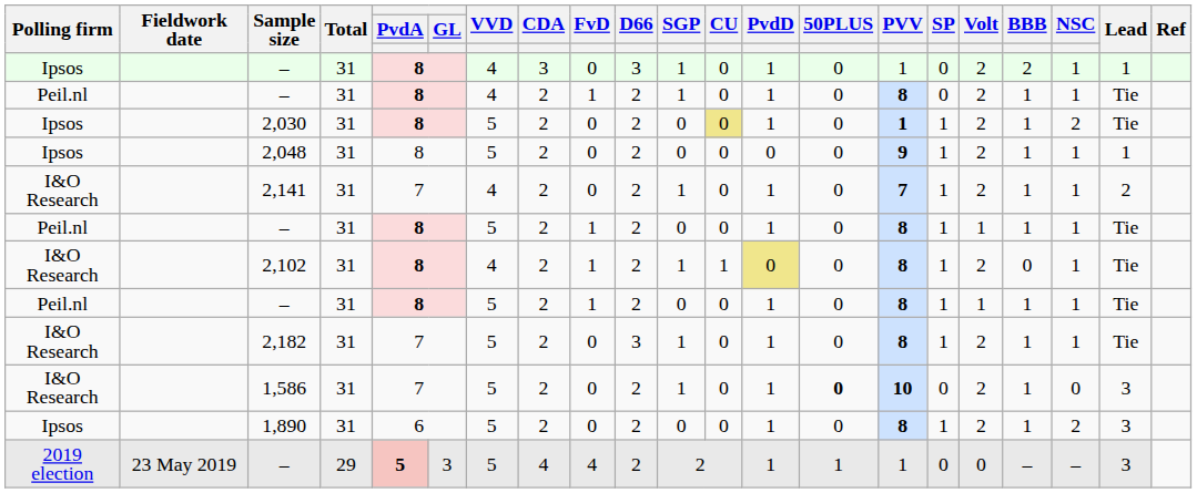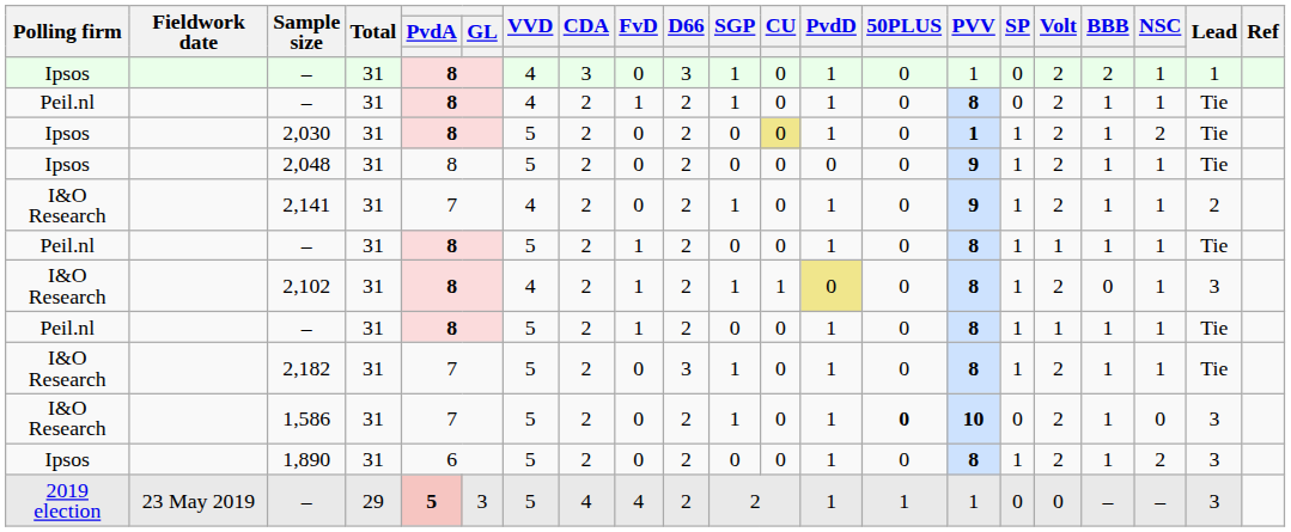 <table class="wikitable sortable mw-datatable" style="text-align:center;font-size:90%;line-height:14px;">
 <tr>
 <th rowspan="3">Polling firm</th>
 <th class="unsortable" rowspan="3">Fieldwork date</th>
 <th class="unsortable" rowspan="3">Sample<br>size</th>
 <th class="unsortable" rowspan="3">Total</th>
 <th class="unsortable" colspan="2"></th>
 <th rowspan="2"class="unsortable"><a href='#'>VVD</a><br></th>
 <th rowspan="2" class="unsortable"><a href='#'>CDA</a><br></th>
 <th rowspan="2" class="unsortable"><a href='#'>FvD</a><br></th>
 <th rowspan="2" class="unsortable"><a href='#'>D66</a><br></th>
 <th rowspan="2" class="unsortable"><a href='#'>SGP</a><br></th>
 <th rowspan="2" class="unsortable"><a href='#'>CU</a><br></th>
 <th rowspan="2" class="unsortable"><a href='#'>PvdD</a><br></th>
 <th rowspan="2" class="unsortable"><a href='#'><span>50PLUS</span></a><br></th>
 <th rowspan="2" class="unsortable"><a href='#'>PVV</a><br></th>
 <th rowspan="2" class="unsortable"><a href='#'>SP</a><br></th>
 <th rowspan="2" class="unsortable"><a href='#'>Volt</a><br></th>
 <th rowspan="2" class="unsortable"><a href='#'>BBB</a><br></th>
 <th rowspan="2" class="unsortable"><a href='#'>NSC</a><br></th>
 <th rowspan="3" class="unsortable">Lead</th>
 <th rowspan="3" class="unsortable">Ref</th>
 </tr>
 <tr>
 <th class="unsortable"><a href='#'>PvdA</a><br></th>
 <th class="unsortable"><a href='#'>GL</a><br></th>
 </tr>
 <tr>
 <th data-sort-type="number" style="background:"></th>
 <th data-sort-type="number" style="background:"></th>
 <th data-sort-type="number" style="background:"></th>
 <th data-sort-type="number" style="background:"></th>
 <th data-sort-type="number" style="background:"></th>
 <th data-sort-type="number" style="background:"></th>
 <th data-sort-type="number" style="background:"></th>
 <th data-sort-type="number" style="background:"></th>
 <th data-sort-type="number" style="background:"></th>
 <th data-sort-type="number" style="background:"></th>
 <th data-sort-type="number" style="background:"></th>
 <th data-sort-type="number" style="background:"></th>
 <th data-sort-type="number" style="background:"></th>
 <th data-sort-type="number" style="background:"></th>
 <th data-sort-type="number" style="background:"></th>
 </tr>
 <tr style="background:#EAFFEA;">
 <td>Ipsos</td>
 <td></td>
 <td>–</td>
 <td>31</td>
 <td colspan="2" style="background:#fbdbdc;"><strong>8</strong></td>
 <td>4</td>
 <td>3</td>
 <td>0</td>
 <td>3</td>
 <td>1</td>
 <td>0</td>
 <td>1</td>
 <td>0</td>
 <td>1</td>
 <td>0</td>
 <td>2</td>
 <td>2</td>
 <td>1</td>
 <td style="background:">1</td>
 <td></td>
 </tr>
 <tr>
 <td>Peil.nl</td>
 <td></td>
 <td>–</td>
 <td>31</td>
 <td colspan="2" style="background:#fbdbdc;"><strong>8</strong></td>
 <td>4</td>
 <td>2</td>
 <td>1</td>
 <td>2</td>
 <td>1</td>
 <td>0</td>
 <td>1</td>
 <td>0</td>
 <td style="background:#CDE2FE;"><strong>8</strong></td>
 <td>0</td>
 <td>2</td>
 <td>1</td>
 <td>1</td>
 <td>Tie</td>
 <td></td>
 </tr>
 <tr>
 <td>Ipsos</td>
 <td></td>
 <td>2,030</td>
 <td>31</td>
 <td colspan="2" style="background:#fbdbdc;"><strong>8</strong></td>
 <td>5</td>
 <td>2</td>
 <td>0</td>
 <td>2</td>
 <td>0</td>
 <td style="background: khaki;">0</td>
 <td>1</td>
 <td>0</td>
 <td style="background:#CDE2FE;"><strong>1</strong></td>
 <td>1</td>
 <td>2</td>
 <td>1</td>
 <td>2</td>
 <td>Tie</td>
 <td></td>
 </tr>
 <tr>
 <td>Ipsos</td>
 <td></td>
 <td>2,048</td>
 <td>31</td>
 <td colspan=2>8</td>
 <td>5</td>
 <td>2</td>
 <td>0</td>
 <td>2</td>
 <td>0</td>
 <td>0</td>
 <td>0</td>
 <td>0</td>
 <td style="background:#CDE2FE;"><strong>9</strong></td>
 <td>1</td>
 <td>2</td>
 <td>1</td>
 <td>1</td>
-<td style="background:">1</td>
+<td>Tie</td>
 <td></td>
 </tr>
 <tr>
 <td>I&O Research</td>
 <td></td>
 <td>2,141</td>
 <td>31</td>
 <td colspan="2">7</td>
 <td>4</td>
 <td>2</td>
 <td>0</td>
 <td>2</td>
 <td>1</td>
 <td>0</td>
 <td>1</td>
 <td>0</td>
-<td style="background:#CDE2FE;"><strong>7</strong></td>
+<td style="background:#CDE2FE;"><strong>9</strong></td>
 <td>1</td>
 <td>2</td>
 <td>1</td>
 <td>1</td>
 <td style="background:">2</td>
 <td></td>
 </tr>
 <tr>
 <td>Peil.nl</td>
 <td></td>
 <td>–</td>
 <td>31</td>
 <td colspan="2" style="background:#fbdbdc;"><strong>8</strong></td>
 <td>5</td>
 <td>2</td>
 <td>1</td>
 <td>2</td>
 <td>0</td>
 <td>0</td>
 <td>1</td>
 <td>0</td>
 <td style="background:#CDE2FE;"><strong>8</strong></td>
 <td>1</td>
 <td>1</td>
 <td>1</td>
 <td>1</td>
 <td>Tie</td>
 <td></td>
 </tr>
 <tr>
 <td>I&O Research</td>
 <td></td>
 <td>2,102</td>
 <td>31</td>
 <td colspan="2" style="background:#fbdbdc;"><strong>8</strong></td>
 <td>4</td>
 <td>2</td>
 <td>1</td>
 <td>2</td>
 <td>1</td>
 <td>1</td>
 <td style="background: khaki;">0</td>
 <td>0</td>
 <td style="background:#CDE2FE;"><strong>8</strong></td>
 <td>1</td>
 <td>2</td>
 <td>0</td>
 <td>1</td>
-<td>Tie</td>
+<td style="background:">3</td>
 <td></td>
 </tr>
 <tr>
 <td>Peil.nl</td>
 <td></td>
 <td>–</td>
 <td>31</td>
 <td colspan="2" style="background:#fbdbdc;"><strong>8</strong></td>
 <td>5</td>
 <td>2</td>
 <td>1</td>
 <td>2</td>
 <td>0</td>
 <td>0</td>
 <td>1</td>
 <td>0</td>
 <td style="background:#CDE2FE;"><strong>8</strong></td>
 <td>1</td>
 <td>1</td>
 <td>1</td>
 <td>1</td>
 <td>Tie</td>
 <td></td>
 </tr>
 <tr>
 <td>I&O Research</td>
 <td></td>
 <td>2,182</td>
 <td>31</td>
 <td colspan=2>7</td>
 <td>5</td>
 <td>2</td>
 <td>0</td>
 <td>3</td>
 <td>1</td>
 <td>0</td>
 <td>1</td>
 <td>0</td>
 <td style="background:#CDE2FE;"><strong>8</strong></td>
 <td>1</td>
 <td>2</td>
 <td>1</td>
 <td>1</td>
 <td>Tie</td>
 <td></td>
 </tr>
 <tr>
 <td>I&O Research</td>
 <td></td>
 <td>1,586</td>
 <td>31</td>
 <td colspan=2>7</td>
 <td>5</td>
 <td>2</td>
 <td>0</td>
 <td>2</td>
 <td>1</td>
 <td>0</td>
 <td>1</td>
 <td><strong>0</strong></td>
 <td style="background:#CDE2FE;"><strong>10</strong></td>
 <td>0</td>
 <td>2</td>
 <td>1</td>
 <td>0</td>
 <td style="background:">3</td>
 <td></td>
 </tr>
 <tr>
 <td>Ipsos</td>
 <td></td>
 <td>1,890</td>
 <td>31</td>
 <td colspan=2>6</td>
 <td>5</td>
 <td>2</td>
 <td>0</td>
 <td>2</td>
 <td>0</td>
 <td>0</td>
 <td>1</td>
 <td>0</td>
 <td style="background:#CDE2FE;"><strong>8</strong></td>
 <td>1</td>
 <td>2</td>
 <td>1</td>
 <td>2</td>
 <td style="background:">3</td>
 <td></td>
 </tr>
 <tr style="background:#E9E9E9">
 <td><a href='#'>2019 election</a></td>
 <td>23 May 2019</td>
 <td>–</td>
 <td>29</td>
 <td style="background:#F6C5C1;"><strong>5</strong></td>
 <td>3</td>
 <td>5</td>
 <td>4</td>
 <td>4</td>
 <td>2</td>
 <td colspan=2>2</td>
 <td>1</td>
 <td>1</td>
 <td>1</td>
 <td>0</td>
 <td>0</td>
 <td>–</td>
 <td>–</td>
 <td style="background:">3</td>
 </tr>
 </table>
